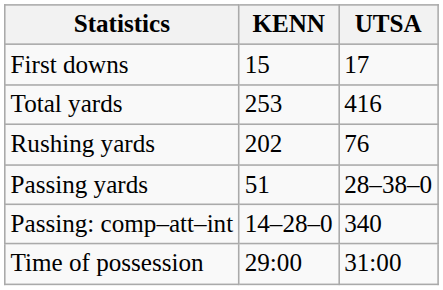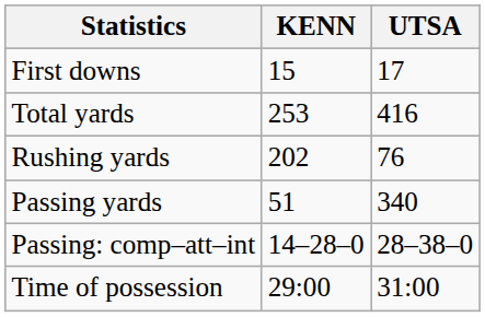 <table class="wikitable" style="float:left">
 <tr>
 <th>Statistics</th>
 <th>KENN</th>
 <th>UTSA</th>
 </tr>
 <tr>
 <td>First downs</td>
 <td>15</td>
 <td>17</td>
 </tr>
 <tr>
 <td>Total yards</td>
 <td>253</td>
 <td>416</td>
 </tr>
 <tr>
 <td>Rushing yards</td>
 <td>202</td>
 <td>76</td>
 </tr>
 <tr>
 <td>Passing yards</td>
 <td>51</td>
-<td>28–38–0</td>
+<td>340</td>
 </tr>
 <tr>
 <td>Passing: comp–att–int</td>
 <td>14–28–0</td>
-<td>340</td>
+<td>28–38–0</td>
 </tr>
 <tr>
 <td>Time of possession</td>
 <td>29:00</td>
 <td>31:00</td>
 </tr>
 </table>
